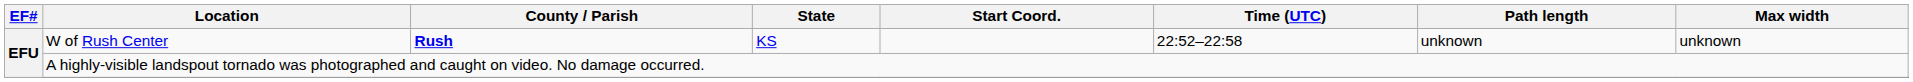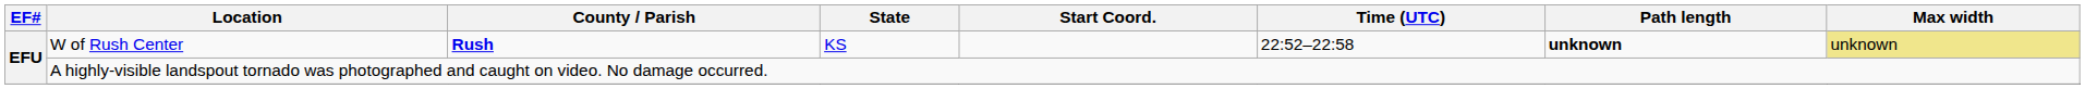 <table class="wikitable sortable" style="width:100%;">
 <tr>
 <th scope="col" width="2%" align="center"><a href='#'>EF#</a></th>
 <th scope="col" align="center" class="unsortable">Location</th>
 <th scope="col" align="center" class="unsortable">County / Parish</th>
 <th scope="col" align="center">State</th>
 <th scope="col" align="center">Start Coord.</th>
 <th scope="col" align="center">Time (<a href='#'>UTC</a>)</th>
 <th scope="col" align="center">Path length</th>
 <th scope="col" align="center">Max width</th>
 </tr>
 <tr>
 <th scope="row" rowspan="2" style="background-color:#">EFU</th>
 <td>W of <a href='#'>Rush Center</a></td>
 <td><strong><a href='#'>Rush</a></strong></td>
 <td><a href='#'>KS</a></td>
 <td></td>
 <td>22:52–22:58</td>
-<td>unknown</td>
-<td>unknown</td>
+<td><strong>unknown</strong></td>
+<td style="background: khaki;">unknown</td>
 </tr>
 <tr class="expand-child">
 <td colspan="8" style=" border-bottom: 1px solid black;">A highly-visible landspout tornado was photographed and caught on video. No damage occurred.</td>
 </tr>
 <tr>
 </tr>
 </table>
